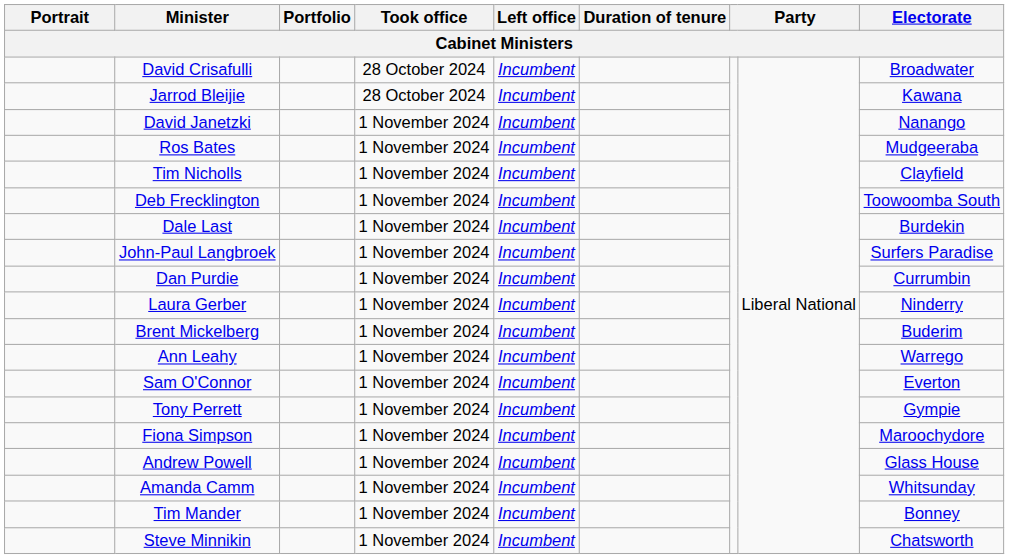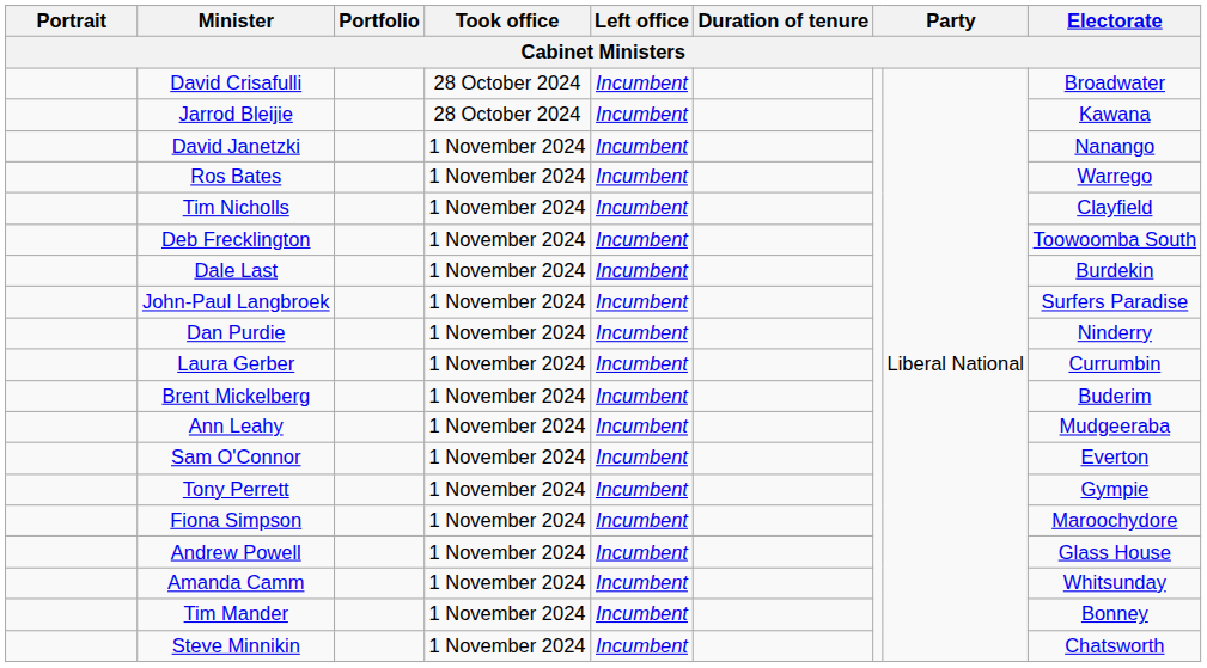 <table class="wikitable sortable" style="border:#555; text-align:center; ">
 <tr>
 <th class="unsortable" style="width:100px;">Portrait</th>
 <th>Minister</th>
 <th>Portfolio</th>
 <th>Took office</th>
 <th>Left office</th>
 <th>Duration of tenure</th>
 <th colspan="2" class="unsortable" style="width:5px;">Party</th>
 <th><a href='#'>Electorate</a></th>
 </tr>
 <tr>
 <th colspan="9">Cabinet Ministers</th>
 </tr>
 <tr>
 <td></td>
 <td><a href='#'>David Crisafulli</a></td>
 <td></td>
 <td>28 October 2024</td>
 <td><em><a href='#'>Incumbent</a></em></td>
 <td></td>
 <td rowspan=20; style="background-color: "></td>
 <td rowspan="19">Liberal National</td>
 <td><a href='#'>Broadwater</a></td>
 </tr>
 <tr>
 <td></td>
 <td><a href='#'>Jarrod Bleijie</a></td>
 <td></td>
 <td>28 October 2024</td>
 <td><em><a href='#'>Incumbent</a></em></td>
 <td></td>
 <td><a href='#'>Kawana</a></td>
 </tr>
 <tr>
 <td></td>
 <td><a href='#'>David Janetzki</a></td>
 <td></td>
 <td>1 November 2024</td>
 <td><em><a href='#'>Incumbent</a></em></td>
 <td></td>
 <td><a href='#'>Nanango</a></td>
 </tr>
 <tr>
 <td></td>
 <td><a href='#'>Ros Bates</a></td>
 <td></td>
 <td>1 November 2024</td>
 <td><em><a href='#'>Incumbent</a></em></td>
 <td></td>
-<td><a href='#'>Mudgeeraba</a></td>
+<td><a href='#'>Warrego</a></td>
 </tr>
 <tr>
 <td></td>
 <td><a href='#'>Tim Nicholls</a></td>
 <td></td>
 <td>1 November 2024</td>
 <td><em><a href='#'>Incumbent</a></em></td>
 <td></td>
 <td><a href='#'>Clayfield</a></td>
 </tr>
 <tr>
 <td></td>
 <td><a href='#'>Deb Frecklington</a></td>
 <td></td>
 <td>1 November 2024</td>
 <td><em><a href='#'>Incumbent</a></em></td>
 <td></td>
 <td><a href='#'>Toowoomba South</a></td>
 </tr>
 <tr>
 <td></td>
 <td><a href='#'>Dale Last</a></td>
 <td></td>
 <td>1 November 2024</td>
 <td><em><a href='#'>Incumbent</a></em></td>
 <td></td>
 <td><a href='#'>Burdekin</a></td>
 </tr>
 <tr>
 <td></td>
 <td><a href='#'>John-Paul Langbroek</a></td>
 <td></td>
 <td>1 November 2024</td>
 <td><em><a href='#'>Incumbent</a></em></td>
 <td></td>
 <td><a href='#'>Surfers Paradise</a></td>
 </tr>
 <tr>
 <td></td>
 <td><a href='#'>Dan Purdie</a></td>
 <td></td>
 <td>1 November 2024</td>
 <td><em><a href='#'>Incumbent</a></em></td>
 <td></td>
-<td><a href='#'>Currumbin</a></td>
+<td><a href='#'>Ninderry</a></td>
 </tr>
 <tr>
 <td></td>
 <td><a href='#'>Laura Gerber</a></td>
 <td></td>
 <td>1 November 2024</td>
 <td><em><a href='#'>Incumbent</a></em></td>
 <td></td>
-<td><a href='#'>Ninderry</a></td>
+<td><a href='#'>Currumbin</a></td>
 </tr>
 <tr>
 <td></td>
 <td><a href='#'>Brent Mickelberg</a></td>
 <td></td>
 <td>1 November 2024</td>
 <td><em><a href='#'>Incumbent</a></em></td>
 <td></td>
 <td><a href='#'>Buderim</a></td>
 </tr>
 <tr>
 <td></td>
 <td><a href='#'>Ann Leahy</a></td>
 <td></td>
 <td>1 November 2024</td>
 <td><em><a href='#'>Incumbent</a></em></td>
 <td></td>
-<td><a href='#'>Warrego</a></td>
+<td><a href='#'>Mudgeeraba</a></td>
 </tr>
 <tr>
 <td></td>
 <td><a href='#'>Sam O'Connor</a></td>
 <td></td>
 <td>1 November 2024</td>
 <td><em><a href='#'>Incumbent</a></em></td>
 <td></td>
 <td><a href='#'>Everton</a></td>
 </tr>
 <tr>
 <td></td>
 <td><a href='#'>Tony Perrett</a></td>
 <td></td>
 <td>1 November 2024</td>
 <td><em><a href='#'>Incumbent</a></em></td>
 <td></td>
 <td><a href='#'>Gympie</a></td>
 </tr>
 <tr>
 <td></td>
 <td><a href='#'>Fiona Simpson</a></td>
 <td></td>
 <td>1 November 2024</td>
 <td><em><a href='#'>Incumbent</a></em></td>
 <td></td>
 <td><a href='#'>Maroochydore</a></td>
 </tr>
 <tr>
 <td></td>
 <td><a href='#'>Andrew Powell</a></td>
 <td></td>
 <td>1 November 2024</td>
 <td><em><a href='#'>Incumbent</a></em></td>
 <td></td>
 <td><a href='#'>Glass House</a></td>
 </tr>
 <tr>
 <td></td>
 <td><a href='#'>Amanda Camm</a></td>
 <td></td>
 <td>1 November 2024</td>
 <td><em><a href='#'>Incumbent</a></em></td>
 <td></td>
 <td><a href='#'>Whitsunday</a></td>
 </tr>
 <tr>
 <td></td>
 <td><a href='#'>Tim Mander</a></td>
 <td></td>
 <td>1 November 2024</td>
 <td><em><a href='#'>Incumbent</a></em></td>
 <td></td>
 <td><a href='#'>Bonney</a></td>
 </tr>
 <tr>
 <td></td>
 <td><a href='#'>Steve Minnikin</a></td>
 <td></td>
 <td>1 November 2024</td>
 <td><em><a href='#'>Incumbent</a></em></td>
 <td></td>
 <td><a href='#'>Chatsworth</a></td>
 </tr>
 </table>
